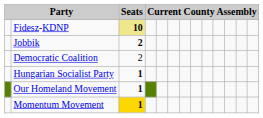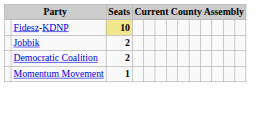 <table class="wikitable">
 <tr>
 <th colspan="2" style="background:#ccc">Party</th>
 <th style="background:#ccc">Seats</th>
 <th colspan="10" style="background:#ccc">Current County Assembly</th>
 </tr>
 <tr>
 <td style="background-color: "> </td>
 <td><a href='#'>Fidesz</a>-<a href='#'>KDNP</a></td>
 <td style="background: khaki; text-align: right"><strong>10</strong></td>
 <td style="background-color: "> </td>
 <td style="background-color: "> </td>
 <td style="background-color: "> </td>
 <td style="background-color: "> </td>
 <td style="background-color: "> </td>
 <td style="background-color: "> </td>
 <td style="background-color: "> </td>
 <td style="background-color: "> </td>
 <td style="background-color: "> </td>
 <td style="background-color: "> </td>
 </tr>
 <tr>
 <td style="background-color: "> </td>
 <td><a href='#'>Jobbik</a></td>
 <td style="text-align: right"><strong>2</strong></td>
 <td style="background-color: "> </td>
 <td style="background-color: "> </td>
 <td> </td>
 <td> </td>
 <td> </td>
 <td> </td>
 <td> </td>
 <td> </td>
 <td> </td>
 <td> </td>
 </tr>
 <tr>
 <td style="background-color: "> </td>
 <td><a href='#'>Democratic Coalition</a></td>
-<td style="text-align: right">2</td>
+<td style="text-align: right"><strong>2</strong></td>
 <td style="background-color: "> </td>
 <td style="background-color: "> </td>
 <td> </td>
 <td> </td>
 <td> </td>
 <td> </td>
 <td> </td>
 <td> </td>
 <td> </td>
 <td> </td>
 </tr>
 <tr>
-<td style="background-color: "> </td>
-<td><a href='#'>Hungarian Socialist Party</a></td>
-<td style="text-align: right"><strong>1</strong></td>
-<td style="background-color: "> </td>
-<td> </td>
-<td> </td>
-<td> </td>
-<td> </td>
-<td> </td>
-<td> </td>
-<td> </td>
-<td> </td>
-<td> </td>
-</tr>
-<tr>
-<td style="background-color: #568203  "> </td>
-<td><a href='#'>Our Homeland Movement</a></td>
-<td style="text-align: right"><strong>1</strong></td>
-<td style="background-color: #568203 "> </td>
-<td> </td>
-<td> </td>
-<td> </td>
-<td> </td>
-<td> </td>
-<td> </td>
-<td> </td>
-<td> </td>
-<td> </td>
-</tr>
-<tr>
 <td style="background-color:"> </td>
 <td><a href='#'>Momentum Movement</a></td>
-<td style="background: gold; text-align: right"><strong>1</strong></td>
+<td style="text-align: right"><strong>1</strong></td>
 <td style="background-color:"> </td>
 <td> </td>
 <td> </td>
 <td> </td>
 <td> </td>
 <td> </td>
 <td> </td>
 <td> </td>
 <td> </td>
 <td> </td>
 </tr>
 </table>
